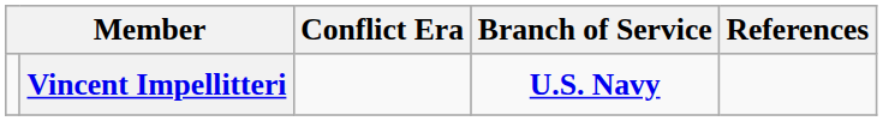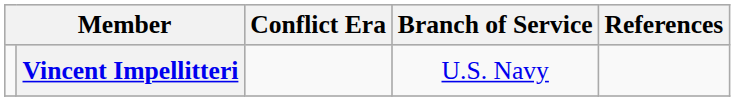 <table class=wikitable style="text-align:center">
 <tr>
 <th scope="col" colspan="2">Member</th>
 <th scope="col">Conflict Era</th>
 <th scope="col">Branch of Service</th>
 <th scope="col">References</th>
 </tr>
 <tr style="height:2em;">
 <td></td>
 <th scope="row"><a href='#'>Vincent Impellitteri</a></th>
 <td></td>
-<td><strong><a href='#'>U.S. Navy</a></strong></td>
+<td><a href='#'>U.S. Navy</a></td>
 <td></td>
 </tr>
 </table>
